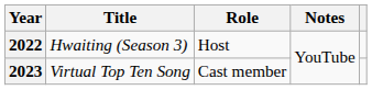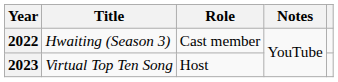 <table class="wikitable sortable plainrowheaders">
 <tr>
 <th scope="col">Year</th>
 <th scope="col">Title</th>
 <th scope="col">Role</th>
 <th scope="col">Notes</th>
 <th scope="col" class="unsortable"></th>
 </tr>
 <tr>
 <th scope="row">2022</th>
 <td><em>Hwaiting (Season 3) </em></td>
-<td>Host</td>
+<td>Cast member</td>
 <td rowspan="2">YouTube</td>
 <td></td>
 </tr>
 <tr>
 <th scope="row">2023</th>
 <td><em>Virtual Top Ten Song</em></td>
-<td>Cast member</td>
+<td>Host</td>
 <td></td>
 </tr>
 </table>
